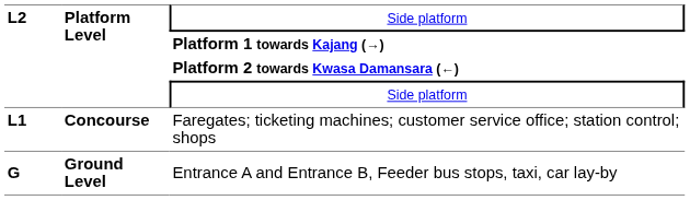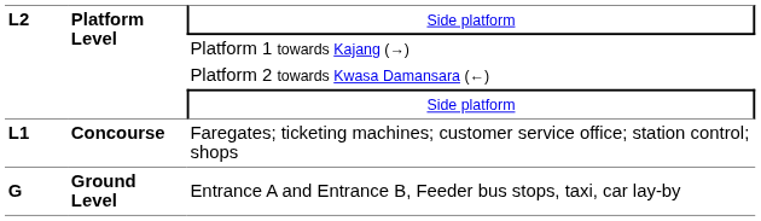 <table table border=0 cellspacing=0 cellpadding=3>
 <tr>
 <td style="border-top:solid 1px gray;border-bottom:solid 1px gray;" rowspan=4 width=50 valign=top><strong>L2</strong></td>
 <td style="border-top:solid 1px gray;border-bottom:solid 1px gray;" rowspan=4 width=100 valign=top><strong>Platform Level</strong></td>
 <td style="border-top:solid 1px gray;border-right:solid 2px black;border-left:solid 2px black;border-bottom:solid 2px black;text-align:center;"><small><a href='#'>Side platform</a></small></td>
 </tr>
 <tr>
-<td width=500><strong>Platform 1   <small>towards <a href='#'>Kajang</a>  (→)</small></strong></td>
+<td width=500>Platform 1   <small>towards <a href='#'>Kajang</a>  (→)</small></td>
 </tr>
 <tr>
-<td width=500><strong>Platform 2   <small>towards <a href='#'>Kwasa Damansara</a>  (←)</small></strong></td>
+<td width=500>Platform 2   <small>towards <a href='#'>Kwasa Damansara</a>  (←)</small></td>
 </tr>
 <tr>
 <td style="width=500;border-top:solid 2px black;border-right:solid 2px black;border-left:solid 2px black;border-bottom:solid 1px gray;text-align:center;" colspan=1><small><a href='#'>Side platform</a></small></td>
 </tr>
 <tr style="vertical-align:top;">
 <td style="border-bottom:solid 1px gray; "><strong>L1</strong></td>
 <td style="border-bottom:solid 1px gray; "><strong>Concourse</strong></td>
 <td style="border-bottom:solid 1px gray; " width=500>Faregates; ticketing machines; customer service office; station control; shops</td>
 </tr>
 <tr>
 <td style="border-bottom:solid 1px gray; "><strong>G</strong></td>
 <td style="border-bottom:solid 1px gray; "><strong>Ground Level</strong></td>
 <td style="border-bottom:solid 1px gray; ">Entrance A and Entrance B, Feeder bus stops, taxi, car lay-by</td>
 </tr>
 </table>
